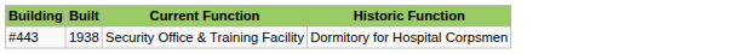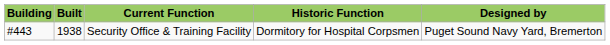 <table class="wikitable">
 <tr>
 <th style="background:#9BCB65">Building</th>
 <th style="background:#9BCB65">Built</th>
 <th style="background:#9BCB65">Current Function</th>
 <th style="background:#9BCB65">Historic Function</th>
+<th style="background:#9BCB65">Designed by</th>
 </tr>
 <tr>
 <td>#443</td>
 <td>1938</td>
 <td>Security Office & Training Facility</td>
 <td>Dormitory for Hospital Corpsmen</td>
+<td>Puget Sound Navy Yard, Bremerton</td>
 </tr>
 </table>
